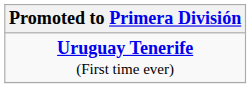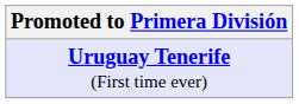 <table class="wikitable" style="text-align: center; margin: 0 auto;">
 <tr>
 <th colspan=2>Promoted to <a href='#'>Primera División</a></th>
 </tr>
 <tr>
-<td><strong><a href='#'>Uruguay Tenerife</a></strong><br><small>(First time ever)</small></td>
+<td style="background: lavender;"><strong><a href='#'>Uruguay Tenerife</a></strong><br><small>(First time ever)</small></td>
 </tr>
 <tr>
 </tr>
 </table>
